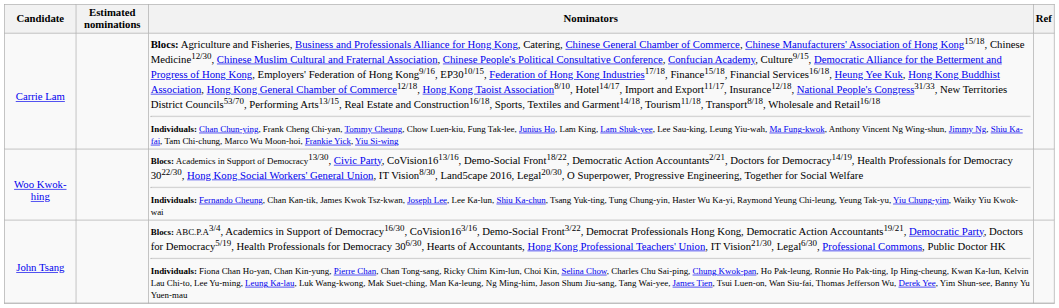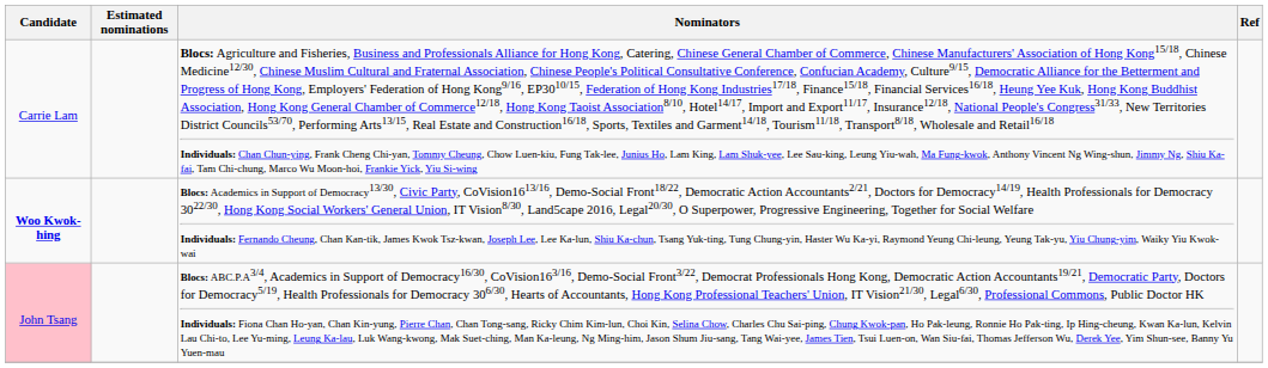 <table class="wikitable sortable" style="text-align:left;">
 <tr>
 <th width=100px>Candidate</th>
 <th width=100px>Estimated<br>nominations</th>
 <th>Nominators</th>
 <th width=1px class="unsortable">Ref</th>
 </tr>
 <tr>
 <td data-sort-value="Lam" align=center><br><a href='#'>Carrie Lam</a></td>
 <td data-sort-value="580"></td>
 <td><strong>Blocs:</strong> Agriculture and Fisheries, <a href='#'>Business and Professionals Alliance for Hong Kong</a>, Catering, <a href='#'>Chinese General Chamber of Commerce</a>, <a href='#'>Chinese Manufacturers' Association of Hong Kong</a><sup>15/18</sup>, Chinese Medicine<sup>12/30</sup>, <a href='#'>Chinese Muslim Cultural and Fraternal Association</a>, <a href='#'>Chinese People's Political Consultative Conference</a>, <a href='#'>Confucian Academy</a>, Culture<sup>9/15</sup>, <a href='#'>Democratic Alliance for the Betterment and Progress of Hong Kong</a>, Employers' Federation of Hong Kong<sup>9/16</sup>, EP30<sup>10/15</sup>, <a href='#'>Federation of Hong Kong Industries</a><sup>17/18</sup>, Finance<sup>15/18</sup>, Financial Services<sup>16/18</sup>, <a href='#'>Heung Yee Kuk</a>, <a href='#'>Hong Kong Buddhist Association</a>, <a href='#'>Hong Kong General Chamber of Commerce</a><sup>12/18</sup>, <a href='#'>Hong Kong Taoist Association</a><sup>8/10</sup>, Hotel<sup>14/17</sup>, Import and Export<sup>11/17</sup>, Insurance<sup>12/18</sup>, <a href='#'>National People's Congress</a><sup>31/33</sup>, New Territories District Councils<sup>53/70</sup>, Performing Arts<sup>13/15</sup>, Real Estate and Construction<sup>16/18</sup>, Sports, Textiles and Garment<sup>14/18</sup>, Tourism<sup>11/18</sup>, Transport<sup>8/18</sup>, Wholesale and Retail<sup>16/18</sup><hr><small><strong>Individuals:</strong> <a href='#'>Chan Chun-ying</a>, Frank Cheng Chi-yan, <a href='#'>Tommy Cheung</a>, Chow Luen-kiu, Fung Tak-lee, <a href='#'>Junius Ho</a>, Lam King, <a href='#'>Lam Shuk-yee</a>, Lee Sau-king, Leung Yiu-wah, <a href='#'>Ma Fung-kwok</a>, Anthony Vincent Ng Wing-shun, <a href='#'>Jimmy Ng</a>, <a href='#'>Shiu Ka-fai</a>, Tam Chi-chung, Marco Wu Moon-hoi, <a href='#'>Frankie Yick</a>, <a href='#'>Yiu Si-wing</a></small></td>
 <td></td>
 </tr>
 <tr>
-<td data-sort-value="Woo" align=center><br><a href='#'>Woo Kwok-hing</a></td>
+<td data-sort-value="Woo" align=center><strong><br><a href='#'>Woo Kwok-hing</a></strong></td>
 <td data-sort-value="180"></td>
 <td><small><strong>Blocs:</strong> Academics in Support of Democracy</small><sup>13/30</sup>, <a href='#'>Civic Party</a>, CoVision16<sup>13/16</sup>, Demo-Social Front<sup>18/22</sup>, Democratic Action Accountants<sup>2/21</sup>, Doctors for Democracy<sup>14/19</sup>, Health Professionals for Democracy 30<sup>22/30</sup>, <a href='#'>Hong Kong Social Workers' General Union</a>, IT Vision<sup>8/30</sup>, Land5cape 2016, Legal<sup>20/30</sup>, O Superpower, Progressive Engineering, Together for Social Welfare<hr><small><strong>Individuals:</strong> <a href='#'>Fernando Cheung</a>, Chan Kan-tik, James Kwok Tsz-kwan, <a href='#'>Joseph Lee</a>, Lee Ka-lun, <a href='#'>Shiu Ka-chun</a>, Tsang Yuk-ting, Tung Chung-yin, Haster Wu Ka-yi, Raymond Yeung Chi-leung, Yeung Tak-yu, <a href='#'>Yiu Chung-yim</a>, Waiky Yiu Kwok-wai</small></td>
 <td></td>
 </tr>
 <tr>
-<td data-sort-value="Tsang" align=center><br><a href='#'>John Tsang</a></td>
+<td data-sort-value="Tsang" align=center style="background: pink;"><br><a href='#'>John Tsang</a></td>
 <td data-sort-value="165"></td>
 <td><small><strong>Blocs:</strong> ABC.P.A</small><sup>3/4</sup>, Academics in Support of Democracy<sup>16/30</sup>, CoVision16<sup>3/16</sup>, Demo-Social Front<sup>3/22</sup>, Democrat Professionals Hong Kong, Democratic Action Accountants<sup>19/21</sup>, <a href='#'>Democratic Party</a>, Doctors for Democracy<sup>5/19</sup>, Health Professionals for Democracy 30<sup>6/30</sup>, Hearts of Accountants, <a href='#'>Hong Kong Professional Teachers' Union</a>, IT Vision<sup>21/30</sup>, Legal<sup>6/30</sup>, <a href='#'>Professional Commons</a>, Public Doctor HK<hr><small><strong>Individuals:</strong> Fiona Chan Ho-yan, Chan Kin-yung, <a href='#'>Pierre Chan</a>, Chan Tong-sang, Ricky Chim Kim-lun, Choi Kin, <a href='#'>Selina Chow</a>, Charles Chu Sai-ping, <a href='#'>Chung Kwok-pan</a>, Ho Pak-leung, Ronnie Ho Pak-ting, Ip Hing-cheung, Kwan Ka-lun, Kelvin Lau Chi-to, Lee Yu-ming, <a href='#'>Leung Ka-lau</a>, Luk Wang-kwong, Mak Suet-ching, Man Ka-leung, Ng Ming-him, Jason Shum Jiu-sang, Tang Wai-yee, <a href='#'>James Tien</a>, Tsui Luen-on, Wan Siu-fai, Thomas Jefferson Wu, <a href='#'>Derek Yee</a>, Yim Shun-see, Banny Yu Yuen-mau</small></td>
 <td></td>
 </tr>
 <tr>
 </tr>
 </table>
